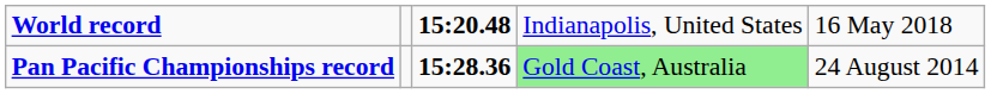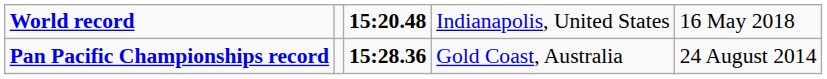 <table class="wikitable">
 <tr>
 <td><strong><a href='#'>World record</a></strong></td>
 <td></td>
 <td><strong>15:20.48</strong></td>
 <td><a href='#'>Indianapolis</a>, United States</td>
 <td>16 May 2018</td>
 </tr>
 <tr>
 <td><strong><a href='#'>Pan Pacific Championships record</a></strong></td>
 <td></td>
 <td><strong>15:28.36</strong></td>
-<td style="background: lightgreen;"><a href='#'>Gold Coast</a>, Australia</td>
+<td><a href='#'>Gold Coast</a>, Australia</td>
 <td>24 August 2014</td>
 </tr>
 </table>
